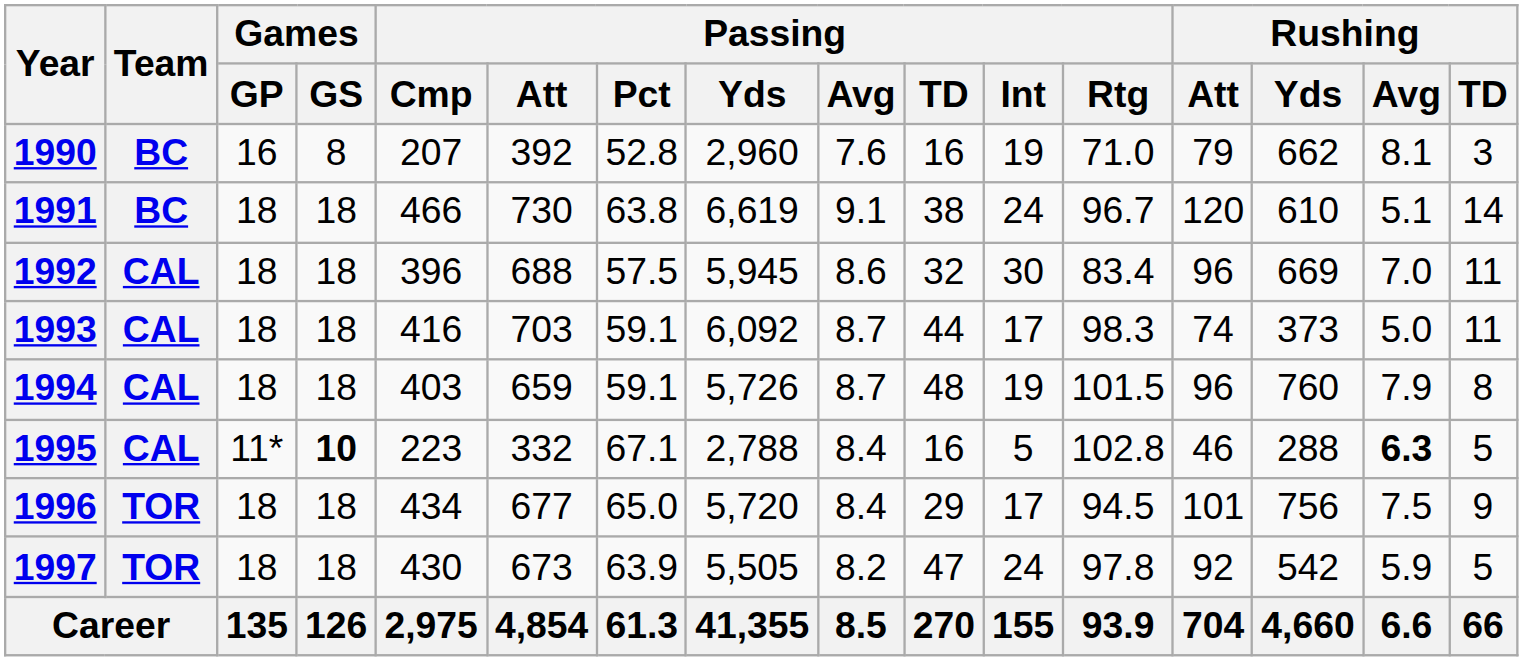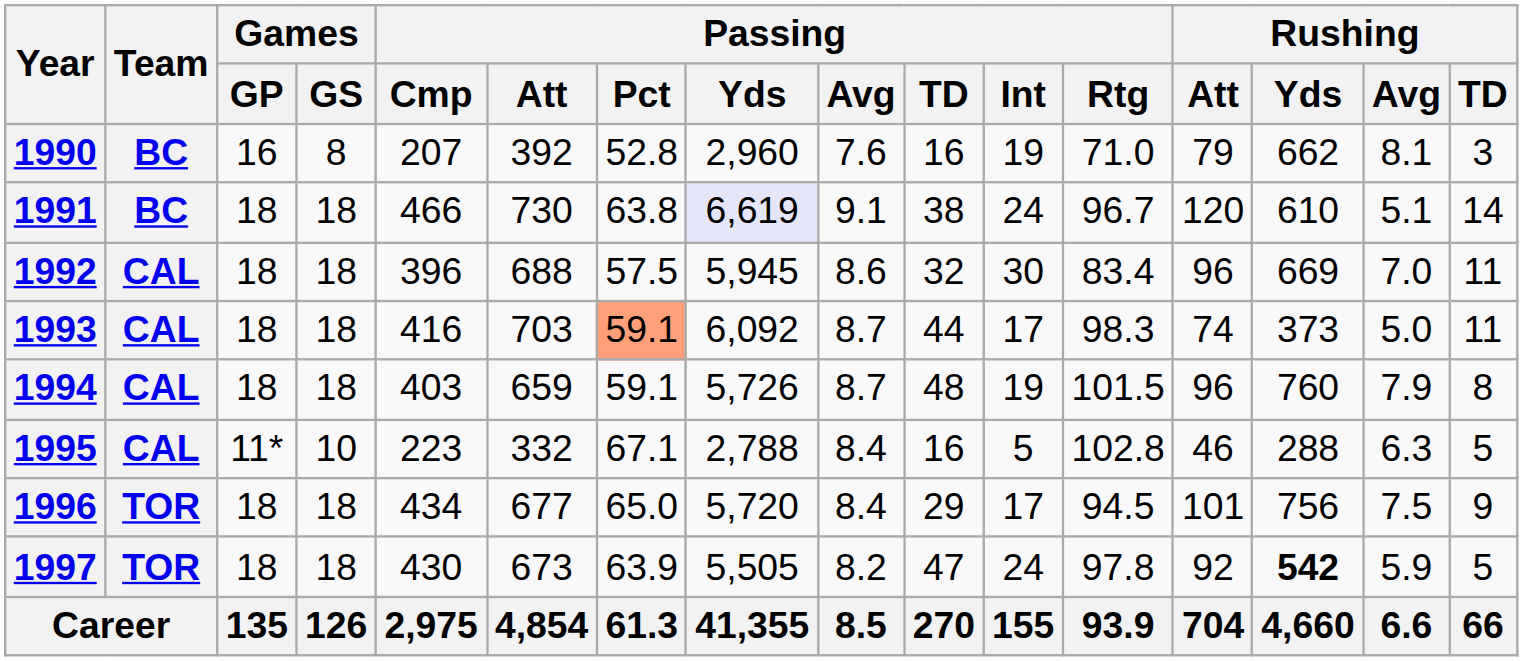 <table class="wikitable" style="text-align: center;">
 <tr>
 <th rowspan="2">Year</th>
 <th rowspan="2">Team</th>
 <th colspan="2">Games</th>
 <th colspan="8">Passing</th>
 <th colspan="4">Rushing</th>
 </tr>
 <tr>
 <th>GP</th>
 <th>GS</th>
 <th>Cmp</th>
 <th>Att</th>
 <th>Pct</th>
 <th>Yds</th>
 <th>Avg</th>
 <th>TD</th>
 <th>Int</th>
 <th>Rtg</th>
 <th>Att</th>
 <th>Yds</th>
 <th>Avg</th>
 <th>TD</th>
 </tr>
 <tr>
 <th><a href='#'>1990</a></th>
 <th><a href='#'>BC</a></th>
 <td>16</td>
 <td>8</td>
 <td>207</td>
 <td>392</td>
 <td>52.8</td>
 <td>2,960</td>
 <td>7.6</td>
 <td>16</td>
 <td>19</td>
 <td>71.0</td>
 <td>79</td>
 <td>662</td>
 <td>8.1</td>
 <td>3</td>
 </tr>
 <tr>
 <th><a href='#'>1991</a></th>
 <th><a href='#'>BC</a></th>
 <td>18</td>
 <td>18</td>
 <td>466</td>
 <td>730</td>
 <td>63.8</td>
-<td>6,619</td>
+<td style="background: lavender;">6,619</td>
 <td>9.1</td>
 <td>38</td>
 <td>24</td>
 <td>96.7</td>
 <td>120</td>
 <td>610</td>
 <td>5.1</td>
 <td>14</td>
 </tr>
 <tr>
 <th><a href='#'>1992</a></th>
 <th><a href='#'>CAL</a></th>
 <td>18</td>
 <td>18</td>
 <td>396</td>
 <td>688</td>
 <td>57.5</td>
 <td>5,945</td>
 <td>8.6</td>
 <td>32</td>
 <td>30</td>
 <td>83.4</td>
 <td>96</td>
 <td>669</td>
 <td>7.0</td>
 <td>11</td>
 </tr>
 <tr>
 <th><a href='#'>1993</a></th>
 <th><a href='#'>CAL</a></th>
 <td>18</td>
 <td>18</td>
 <td>416</td>
 <td>703</td>
-<td>59.1</td>
+<td style="background: lightsalmon;">59.1</td>
 <td>6,092</td>
 <td>8.7</td>
 <td>44</td>
 <td>17</td>
 <td>98.3</td>
 <td>74</td>
 <td>373</td>
 <td>5.0</td>
 <td>11</td>
 </tr>
 <tr>
 <th><a href='#'>1994</a></th>
 <th><a href='#'>CAL</a></th>
 <td>18</td>
 <td>18</td>
 <td>403</td>
 <td>659</td>
 <td>59.1</td>
 <td>5,726</td>
 <td>8.7</td>
 <td>48</td>
 <td>19</td>
 <td>101.5</td>
 <td>96</td>
 <td>760</td>
 <td>7.9</td>
 <td>8</td>
 </tr>
 <tr>
 <th><a href='#'>1995</a></th>
 <th><a href='#'>CAL</a></th>
 <td>11*</td>
-<td><strong>10</strong></td>
+<td>10</td>
 <td>223</td>
 <td>332</td>
 <td>67.1</td>
 <td>2,788</td>
 <td>8.4</td>
 <td>16</td>
 <td>5</td>
 <td>102.8</td>
 <td>46</td>
 <td>288</td>
-<td><strong>6.3</strong></td>
+<td>6.3</td>
 <td>5</td>
 </tr>
 <tr>
 <th><a href='#'>1996</a></th>
 <th><a href='#'>TOR</a></th>
 <td>18</td>
 <td>18</td>
 <td>434</td>
 <td>677</td>
 <td>65.0</td>
 <td>5,720</td>
 <td>8.4</td>
 <td>29</td>
 <td>17</td>
 <td>94.5</td>
 <td>101</td>
 <td>756</td>
 <td>7.5</td>
 <td>9</td>
 </tr>
 <tr>
 <th><a href='#'>1997</a></th>
 <th><a href='#'>TOR</a></th>
 <td>18</td>
 <td>18</td>
 <td>430</td>
 <td>673</td>
 <td>63.9</td>
 <td>5,505</td>
 <td>8.2</td>
 <td>47</td>
 <td>24</td>
 <td>97.8</td>
 <td>92</td>
-<td>542</td>
+<td><strong>542</strong></td>
 <td>5.9</td>
 <td>5</td>
 </tr>
 <tr>
 <th colspan="2">Career</th>
 <th>135</th>
 <th>126</th>
 <th>2,975</th>
 <th>4,854</th>
 <th>61.3</th>
 <th>41,355</th>
 <th>8.5</th>
 <th>270</th>
 <th>155</th>
 <th>93.9</th>
 <th>704</th>
 <th>4,660</th>
 <th>6.6</th>
 <th>66</th>
 </tr>
 </table>
